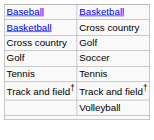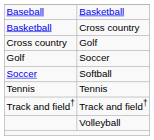 <table class="wikitable">
 <tr>
 </tr>
 <tr>
 <td><a href='#'>Baseball</a></td>
 <td><a href='#'>Basketball</a></td>
 </tr>
 <tr>
 <td><a href='#'>Basketball</a></td>
 <td>Cross country</td>
 </tr>
 <tr>
 <td>Cross country</td>
 <td>Golf</td>
 </tr>
 <tr>
 <td>Golf</td>
 <td>Soccer</td>
 </tr>
 <tr>
+<td><a href='#'>Soccer</a></td>
+<td>Softball</td>
+</tr>
+<tr>
 <td>Tennis</td>
 <td>Tennis</td>
 </tr>
 <tr>
 <td>Track and field<sup>†</sup></td>
 <td>Track and field<sup>†</sup></td>
 </tr>
 <tr>
 <td></td>
 <td>Volleyball</td>
 </tr>
 <tr>
 <td colspan="2"></td>
 </tr>
 </table>
